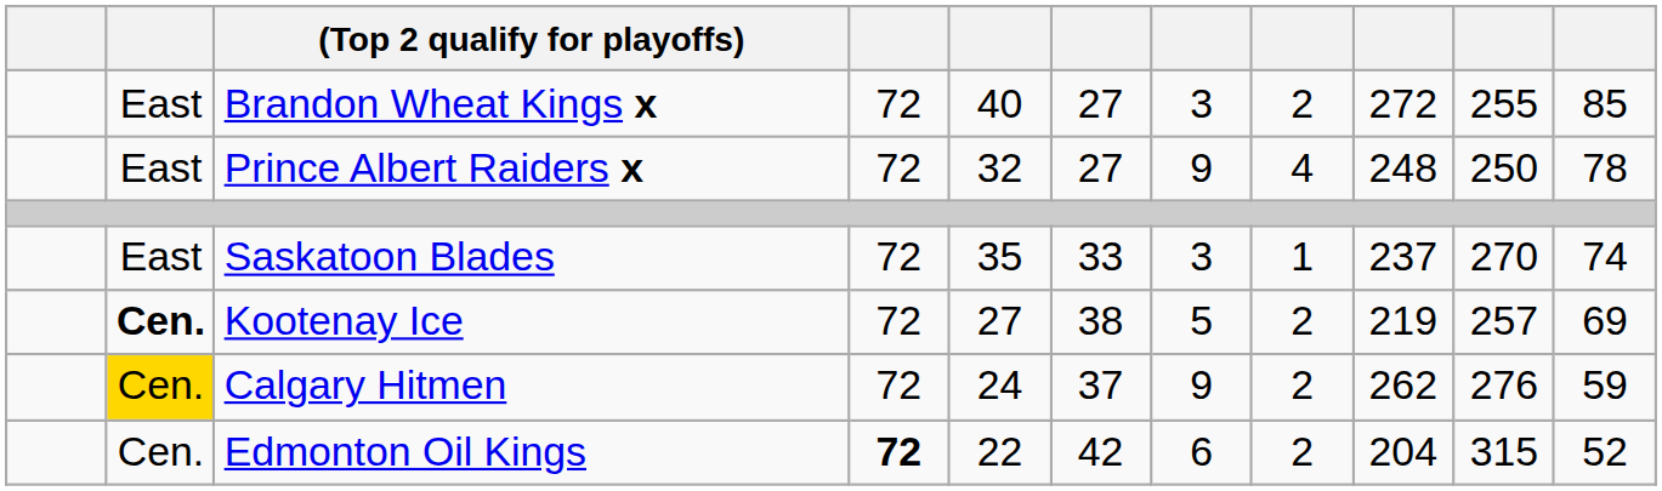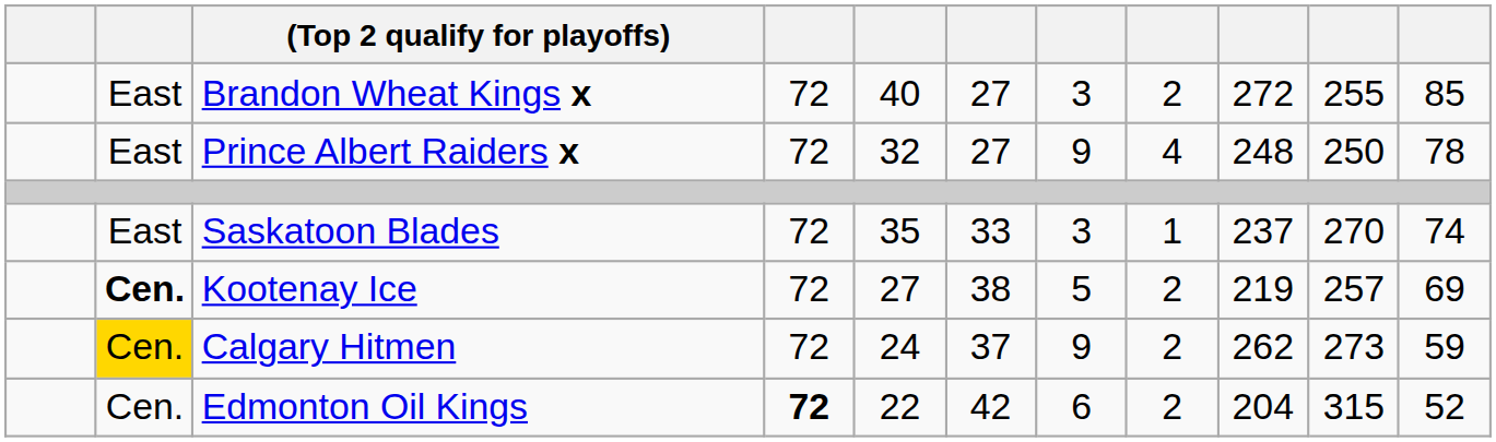 <table class="wikitable sortable">
 <tr>
 <th style="width:2em"></th>
 <th style="width:2em;"></th>
 <th style="width:15em;" class="unsortable"><small>(Top 2 qualify for playoffs)</small></th>
 <th style="width:2em;"></th>
 <th style="width:2em;"></th>
 <th style="width:2em;"></th>
 <th style="width:2em;"></th>
 <th style="width:2em;"></th>
 <th style="width:2em;"></th>
 <th style="width:2em;"></th>
 <th style="width:2em;"></th>
 </tr>
 <tr style="font-weight: ; text-align: center;">
 <td></td>
 <td>East</td>
 <td style="text-align:left;"><a href='#'>Brandon Wheat Kings</a> <strong>x</strong></td>
 <td>72</td>
 <td>40</td>
 <td>27</td>
 <td>3</td>
 <td>2</td>
 <td>272</td>
 <td>255</td>
 <td>85</td>
 </tr>
 <tr style="font-weight: ; text-align: center;">
 <td></td>
 <td>East</td>
 <td style="text-align:left;"><a href='#'>Prince Albert Raiders</a> <strong>x</strong></td>
 <td>72</td>
 <td>32</td>
 <td>27</td>
 <td>9</td>
 <td>4</td>
 <td>248</td>
 <td>250</td>
 <td>78</td>
 </tr>
 <tr style="color:#cccccc;background-color:#cccccc">
 <td style="height:2px" colspan=11></td>
 </tr>
 <tr style="font-weight: ; text-align: center;">
 <td></td>
 <td>East</td>
 <td style="text-align:left;"><a href='#'>Saskatoon Blades</a></td>
 <td>72</td>
 <td>35</td>
 <td>33</td>
 <td>3</td>
 <td>1</td>
 <td>237</td>
 <td>270</td>
 <td>74</td>
 </tr>
 <tr style="text-align: center;">
 <td></td>
 <td><strong>Cen.</strong></td>
 <td style="text-align:left;"><a href='#'>Kootenay Ice</a></td>
 <td>72</td>
 <td>27</td>
 <td>38</td>
 <td>5</td>
 <td>2</td>
 <td>219</td>
 <td>257</td>
 <td>69</td>
 </tr>
 <tr style="font-weight: ; text-align: center;">
 <td></td>
 <td style="background: gold;">Cen.</td>
 <td style="text-align:left;"><a href='#'>Calgary Hitmen</a></td>
 <td>72</td>
 <td>24</td>
 <td>37</td>
 <td>9</td>
 <td>2</td>
 <td>262</td>
-<td>276</td>
+<td>273</td>
 <td>59</td>
 </tr>
 <tr style="text-align: center;">
 <td></td>
 <td>Cen.</td>
 <td style="text-align:left;"><a href='#'>Edmonton Oil Kings</a></td>
 <td><strong>72</strong></td>
 <td>22</td>
 <td>42</td>
 <td>6</td>
 <td>2</td>
 <td>204</td>
 <td>315</td>
 <td>52</td>
 </tr>
 </table>
